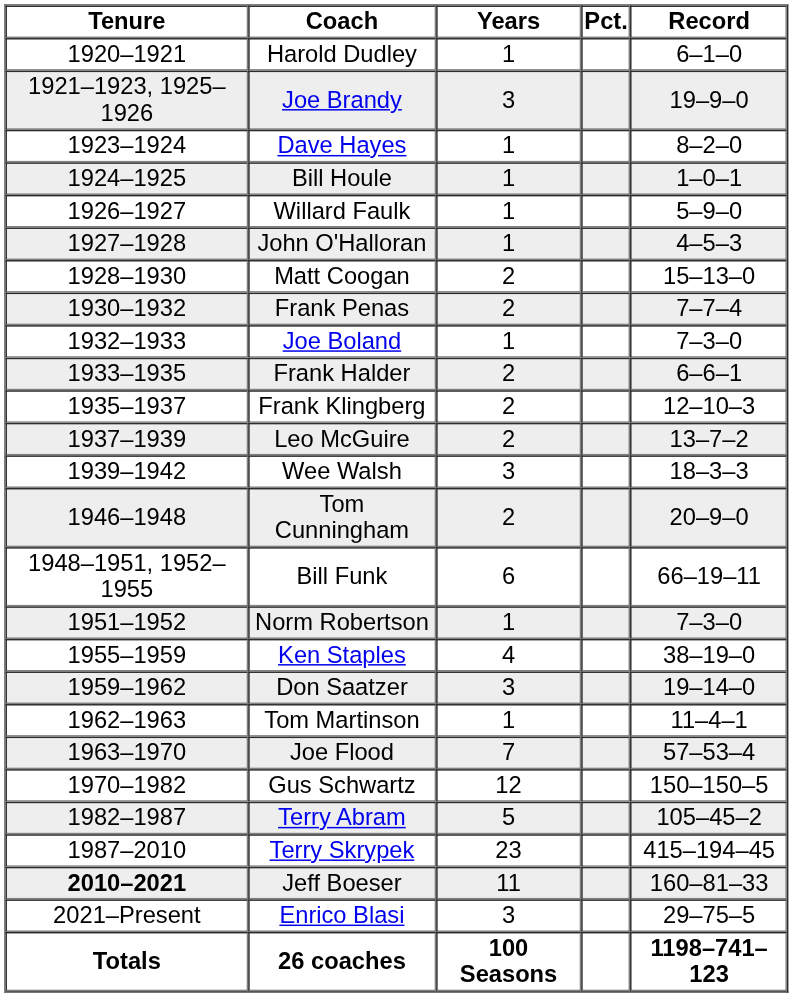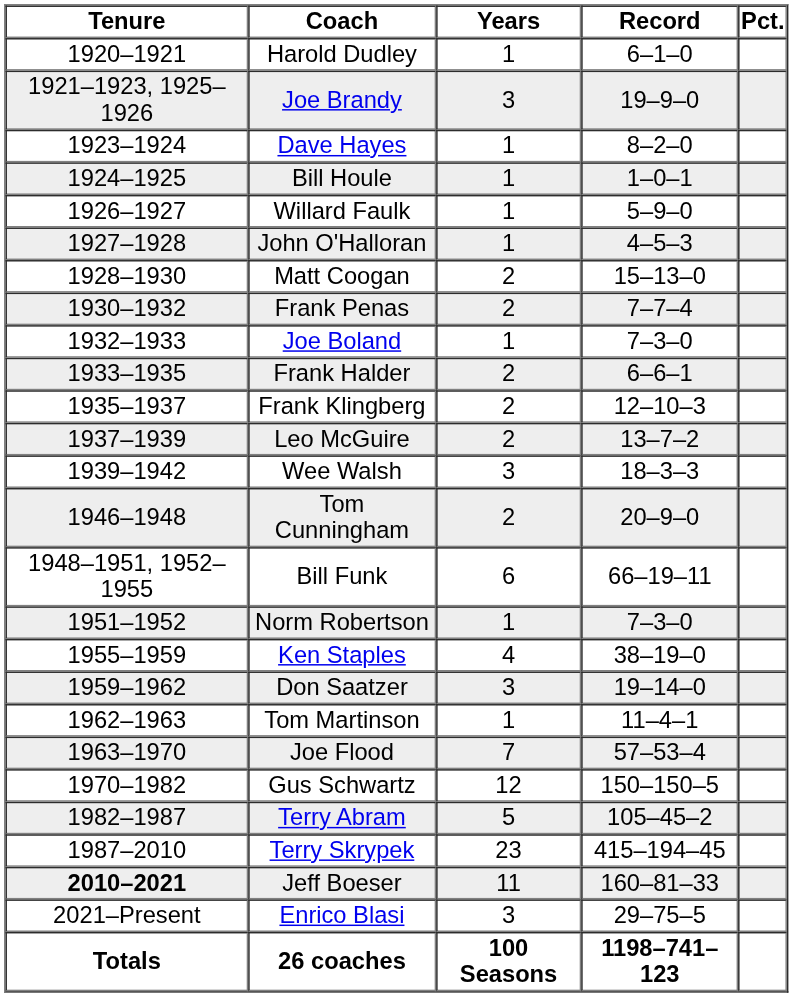 <table cellpadding="1" border="1" cellspacing="0" width="60%">
 <tr>
 <th>Tenure</th>
 <th>Coach</th>
 <th>Years</th>
+<th>Record</th>
 <th>Pct.</th>
-<th>Record</th>
 </tr>
 <tr style="text-align:center;">
 <td>1920–1921</td>
 <td>Harold Dudley</td>
 <td>1</td>
+<td>6–1–0</td>
 <td></td>
-<td>6–1–0</td>
 </tr>
 <tr style="text-align:center;" bgcolor=eeeeee>
 <td>1921–1923, 1925–1926</td>
 <td><a href='#'>Joe Brandy</a></td>
 <td>3</td>
+<td>19–9–0</td>
 <td></td>
-<td>19–9–0</td>
 </tr>
 <tr style="text-align:center;">
 <td>1923–1924</td>
 <td><a href='#'>Dave Hayes</a></td>
 <td>1</td>
+<td>8–2–0</td>
 <td></td>
-<td>8–2–0</td>
 </tr>
 <tr style="text-align:center;" bgcolor=eeeeee>
 <td>1924–1925</td>
 <td>Bill Houle</td>
 <td>1</td>
+<td>1–0–1</td>
 <td></td>
-<td>1–0–1</td>
 </tr>
 <tr align=center>
 <td>1926–1927</td>
 <td>Willard Faulk</td>
 <td>1</td>
+<td>5–9–0</td>
 <td></td>
-<td>5–9–0</td>
 </tr>
 <tr style="text-align:center;" bgcolor=eeeeee>
 <td>1927–1928</td>
 <td>John O'Halloran</td>
 <td>1</td>
+<td>4–5–3</td>
 <td></td>
-<td>4–5–3</td>
 </tr>
 <tr style="text-align:center;">
 <td>1928–1930</td>
 <td>Matt Coogan</td>
 <td>2</td>
+<td>15–13–0</td>
 <td></td>
-<td>15–13–0</td>
 </tr>
 <tr style="text-align:center;" bgcolor=eeeeee>
 <td>1930–1932</td>
 <td>Frank Penas</td>
 <td>2</td>
+<td>7–7–4</td>
 <td></td>
-<td>7–7–4</td>
 </tr>
 <tr style="text-align:center;">
 <td>1932–1933</td>
 <td><a href='#'>Joe Boland</a></td>
 <td>1</td>
+<td>7–3–0</td>
 <td></td>
-<td>7–3–0</td>
 </tr>
 <tr style="text-align:center;" bgcolor=eeeeee>
 <td>1933–1935</td>
 <td>Frank Halder</td>
 <td>2</td>
+<td>6–6–1</td>
 <td></td>
-<td>6–6–1</td>
 </tr>
 <tr style="text-align:center;">
 <td>1935–1937</td>
 <td>Frank Klingberg</td>
 <td>2</td>
+<td>12–10–3</td>
 <td></td>
-<td>12–10–3</td>
 </tr>
 <tr style="text-align:center;" bgcolor=eeeeee>
 <td>1937–1939</td>
 <td>Leo McGuire</td>
 <td>2</td>
+<td>13–7–2</td>
 <td></td>
-<td>13–7–2</td>
 </tr>
 <tr style="text-align:center;">
 <td>1939–1942</td>
 <td>Wee Walsh</td>
 <td>3</td>
+<td>18–3–3</td>
 <td></td>
-<td>18–3–3</td>
 </tr>
 <tr style="text-align:center;" bgcolor=eeeeee>
 <td>1946–1948</td>
 <td>Tom Cunningham</td>
 <td>2</td>
+<td>20–9–0</td>
 <td></td>
-<td>20–9–0</td>
 </tr>
 <tr style="text-align:center;">
 <td>1948–1951, 1952–1955</td>
 <td>Bill Funk</td>
 <td>6</td>
+<td>66–19–11</td>
 <td></td>
-<td>66–19–11</td>
 </tr>
 <tr style="text-align:center;" bgcolor=eeeeee>
 <td>1951–1952</td>
 <td>Norm Robertson</td>
 <td>1</td>
+<td>7–3–0</td>
 <td></td>
-<td>7–3–0</td>
 </tr>
 <tr style="text-align:center;">
 <td>1955–1959</td>
 <td><a href='#'>Ken Staples</a></td>
 <td>4</td>
+<td>38–19–0</td>
 <td></td>
-<td>38–19–0</td>
 </tr>
 <tr style="text-align:center;" bgcolor=eeeeee>
 <td>1959–1962</td>
 <td>Don Saatzer</td>
 <td>3</td>
+<td>19–14–0</td>
 <td></td>
-<td>19–14–0</td>
 </tr>
 <tr style="text-align:center;">
 <td>1962–1963</td>
 <td>Tom Martinson</td>
 <td>1</td>
+<td>11–4–1</td>
 <td></td>
-<td>11–4–1</td>
 </tr>
 <tr style="text-align:center;" bgcolor=eeeeee>
 <td>1963–1970</td>
 <td>Joe Flood</td>
 <td>7</td>
+<td>57–53–4</td>
 <td></td>
-<td>57–53–4</td>
 </tr>
 <tr style="text-align:center;">
 <td>1970–1982</td>
 <td>Gus Schwartz</td>
 <td>12</td>
+<td>150–150–5</td>
 <td></td>
-<td>150–150–5</td>
 </tr>
 <tr style="text-align:center;" bgcolor=eeeeee>
 <td>1982–1987</td>
 <td><a href='#'>Terry Abram</a></td>
 <td>5</td>
+<td>105–45–2</td>
 <td></td>
-<td>105–45–2</td>
 </tr>
 <tr style="text-align:center;">
 <td>1987–2010</td>
 <td><a href='#'>Terry Skrypek</a></td>
 <td>23</td>
+<td>415–194–45</td>
 <td></td>
-<td>415–194–45</td>
 </tr>
 <tr style="text-align:center;" bgcolor=eeeeee>
 <td><strong>2010–2021</strong></td>
 <td>Jeff Boeser</td>
 <td>11</td>
+<td>160–81–33</td>
 <td></td>
-<td>160–81–33</td>
 </tr>
 <tr style="text-align:center;">
 <td>2021–Present</td>
 <td><a href='#'>Enrico Blasi</a></td>
 <td>3</td>
+<td>29–75–5</td>
 <td></td>
-<td>29–75–5</td>
 </tr>
 <tr style="text-align:center;">
 <th>Totals</th>
 <th>26 coaches</th>
 <th>100 Seasons</th>
+<th>1198–741–123</th>
 <th></th>
-<th>1198–741–123</th>
 </tr>
 </table>
